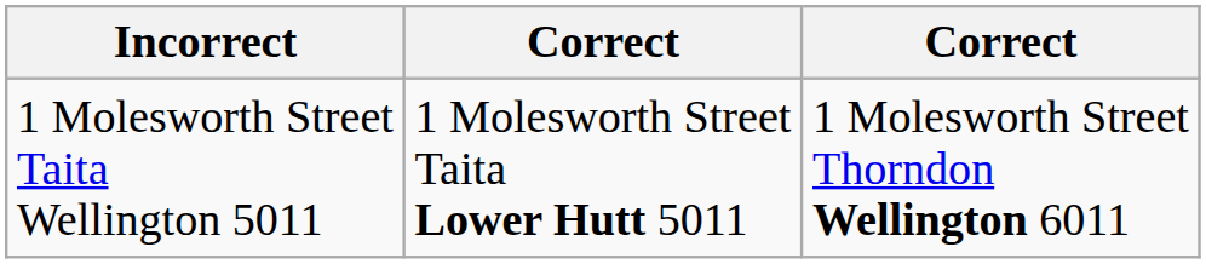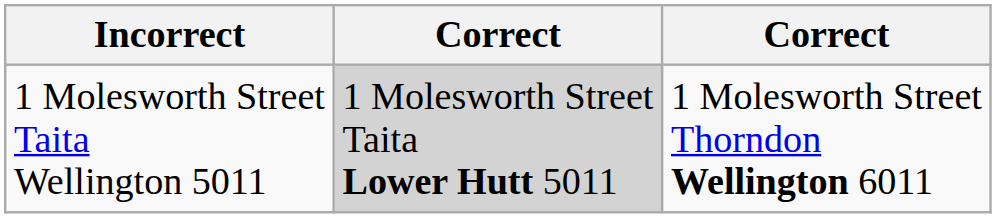 <table class="wikitable">
 <tr>
 <th>Incorrect</th>
 <th>Correct</th>
 <th>Correct</th>
 </tr>
 <tr>
 <td>1 Molesworth Street <br> <a href='#'>Taita</a> <br> Wellington 5011</td>
-<td>1 Molesworth Street <br> Taita <br> <strong>Lower Hutt</strong> 5011</td>
+<td style="background: lightgrey;">1 Molesworth Street <br> Taita <br> <strong>Lower Hutt</strong> 5011</td>
 <td>1 Molesworth Street <br> <a href='#'>Thorndon</a> <br> <strong>Wellington</strong> 6011</td>
 </tr>
 </table>
